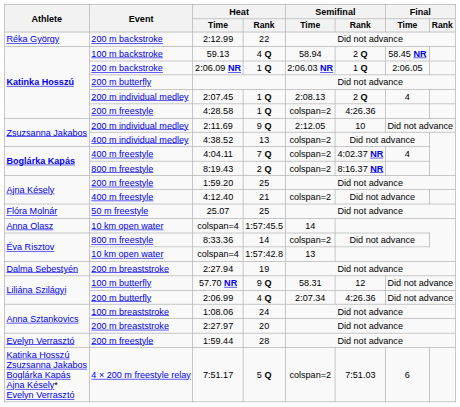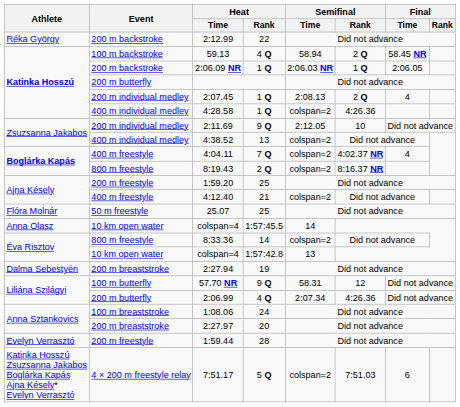 <table class=wikitable style="font-size:90%">
 <tr>
 <th rowspan="2">Athlete</th>
 <th rowspan="2">Event</th>
 <th colspan="2">Heat</th>
 <th colspan="2">Semifinal</th>
 <th colspan="2">Final</th>
 </tr>
 <tr style="font-size:95%">
 <th>Time</th>
 <th>Rank</th>
 <th>Time</th>
 <th>Rank</th>
 <th>Time</th>
 <th>Rank</th>
 </tr>
 <tr align=center>
 <td align=left><a href='#'>Réka György</a></td>
 <td align=left><a href='#'>200 m backstroke</a></td>
 <td>2:12.99</td>
 <td>22</td>
 <td colspan=4>Did not advance</td>
 </tr>
 <tr align=center>
 <td align=left rowspan=5><strong><a href='#'>Katinka Hosszú</a></strong></td>
 <td align=left><a href='#'>100 m backstroke</a></td>
 <td>59.13</td>
 <td>4 <strong>Q</strong></td>
 <td>58.94</td>
 <td>2 <strong>Q</strong></td>
 <td>58.45 <strong><a href='#'>NR</a></strong></td>
 <td></td>
 </tr>
 <tr align=center>
 <td align=left><a href='#'>200 m backstroke</a></td>
 <td>2:06.09 <strong><a href='#'>NR</a></strong></td>
 <td>1 <strong>Q</strong></td>
 <td>2:06.03 <strong><a href='#'>NR</a></strong></td>
 <td>1 <strong>Q</strong></td>
 <td>2:06.05</td>
 <td></td>
 </tr>
 <tr align=center>
 <td align=left><a href='#'>200 m butterfly</a></td>
 <td colspan=2></td>
 <td colspan=4>Did not advance</td>
 </tr>
 <tr align=center>
 <td align=left><a href='#'>200 m individual medley</a></td>
 <td>2:07.45 </td>
 <td>1 <strong>Q</strong></td>
 <td>2:08.13</td>
 <td>2 <strong>Q</strong></td>
 <td>4</td>
 <td></td>
 </tr>
 <tr align=center>
-<td align=left><a href='#'>200 m freestyle</a></td>
+<td align=left><a href='#'>400 m individual medley</a></td>
 <td>4:28.58</td>
 <td>1 <strong>Q</strong></td>
 <td>colspan=2 </td>
 <td>4:26.36 </td>
 <td></td>
 </tr>
 <tr align=center>
 <td align=left rowspan=2><a href='#'>Zsuzsanna Jakabos</a></td>
 <td align=left><a href='#'>200 m individual medley</a></td>
 <td>2:11.69</td>
 <td>9 <strong>Q</strong></td>
 <td>2:12.05</td>
 <td>10</td>
 <td colspan=2>Did not advance</td>
 </tr>
 <tr align=center>
 <td align=left><a href='#'>400 m individual medley</a></td>
 <td>4:38.52</td>
 <td>13</td>
 <td>colspan=2 </td>
 <td colspan=2>Did not advance</td>
 </tr>
 <tr align=center>
 <td align=left rowspan=2><strong><a href='#'>Boglárka Kapás</a></strong></td>
 <td align=left><a href='#'>400 m freestyle</a></td>
 <td>4:04.11</td>
 <td>7 <strong>Q</strong></td>
 <td>colspan=2 </td>
 <td>4:02.37 <strong><a href='#'>NR</a></strong></td>
 <td>4</td>
 </tr>
 <tr align=center>
 <td align=left><a href='#'>800 m freestyle</a></td>
 <td>8:19.43</td>
 <td>2 <strong>Q</strong></td>
 <td>colspan=2 </td>
 <td>8:16.37 <strong><a href='#'>NR</a></strong></td>
 <td></td>
 </tr>
 <tr align=center>
 <td align=left rowspan=2><a href='#'>Ajna Késely</a></td>
 <td align=left><a href='#'>200 m freestyle</a></td>
 <td>1:59.20</td>
 <td>25</td>
 <td colspan=4>Did not advance</td>
 </tr>
 <tr align=center>
 <td align=left><a href='#'>400 m freestyle</a></td>
 <td>4:12.40</td>
 <td>21</td>
 <td>colspan=2 </td>
 <td colspan=2>Did not advance</td>
 </tr>
 <tr align=center>
 <td align=left><a href='#'>Flóra Molnár</a></td>
 <td align=left><a href='#'>50 m freestyle</a></td>
 <td>25.07</td>
 <td>25</td>
 <td colspan=4>Did not advance</td>
 </tr>
 <tr align=center>
 <td align=left><a href='#'>Anna Olasz</a></td>
 <td align=left><a href='#'>10 km open water</a></td>
 <td>colspan=4 </td>
 <td>1:57:45.5</td>
 <td>14</td>
 </tr>
 <tr align=center>
 <td align=left rowspan=2><a href='#'>Éva Risztov</a></td>
 <td align=left><a href='#'>800 m freestyle</a></td>
 <td>8:33.36</td>
 <td>14</td>
 <td>colspan=2 </td>
 <td colspan=2>Did not advance</td>
 </tr>
 <tr align=center>
 <td align=left><a href='#'>10 km open water</a></td>
 <td>colspan=4 </td>
 <td>1:57:42.8</td>
 <td>13</td>
 </tr>
 <tr align=center>
 <td align=left><a href='#'>Dalma Sebestyén</a></td>
 <td align=left><a href='#'>200 m breaststroke</a></td>
 <td>2:27.94</td>
 <td>19</td>
 <td colspan=4>Did not advance</td>
 </tr>
 <tr align=center>
 <td align=left rowspan=2><a href='#'>Liliána Szilágyi</a></td>
 <td align=left><a href='#'>100 m butterfly</a></td>
 <td>57.70 <strong><a href='#'>NR</a></strong></td>
 <td>9 <strong>Q</strong></td>
 <td>58.31</td>
 <td>12</td>
 <td colspan=2>Did not advance</td>
 </tr>
 <tr align=center>
 <td align=left><a href='#'>200 m butterfly</a></td>
 <td>2:06.99</td>
 <td>4 <strong>Q</strong></td>
 <td>2:07.34</td>
 <td>4:26.36 </td>
 <td colspan=2>Did not advance</td>
 </tr>
 <tr align=center>
 <td align=left rowspan=2><a href='#'>Anna Sztankovics</a></td>
 <td align=left><a href='#'>100 m breaststroke</a></td>
 <td>1:08.06</td>
 <td>24</td>
 <td colspan=4>Did not advance</td>
 </tr>
 <tr align=center>
 <td align=left><a href='#'>200 m breaststroke</a></td>
 <td>2:27.97</td>
 <td>20</td>
 <td colspan=4>Did not advance</td>
 </tr>
 <tr align=center>
 <td align=left><a href='#'>Evelyn Verrasztó</a></td>
 <td align=left><a href='#'>200 m freestyle</a></td>
 <td>1:59.44</td>
 <td>28</td>
 <td colspan=4>Did not advance</td>
 </tr>
 <tr align=center>
 <td align=left><a href='#'>Katinka Hosszú</a><br><a href='#'>Zsuzsanna Jakabos</a><br><a href='#'>Boglárka Kapás</a><br><a href='#'>Ajna Késely</a>*<br><a href='#'>Evelyn Verrasztó</a></td>
 <td align=left><a href='#'>4 × 200 m freestyle relay</a></td>
 <td>7:51.17</td>
 <td>5 <strong>Q</strong></td>
 <td>colspan=2 </td>
 <td>7:51.03</td>
 <td>6</td>
 </tr>
 </table>
